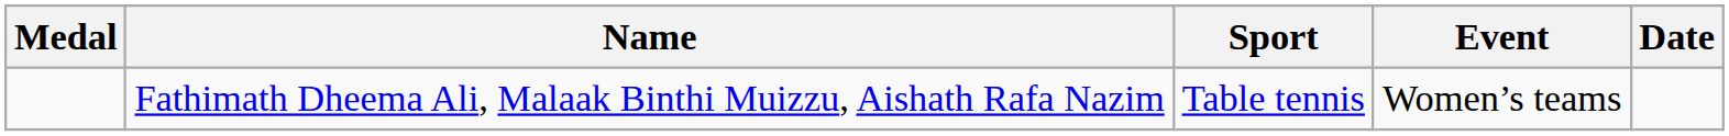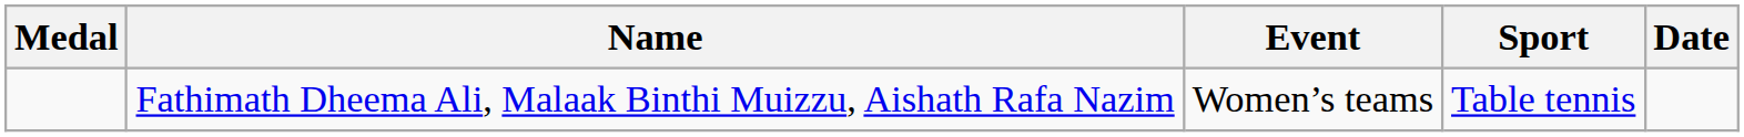 <table class="wikitable sortable" style="font-size: 95%;">
 <tr>
 <th>Medal</th>
 <th>Name</th>
+<th>Event</th>
 <th>Sport</th>
-<th>Event</th>
 <th>Date</th>
 </tr>
 <tr>
 <td></td>
 <td><a href='#'>Fathimath Dheema Ali</a>, <a href='#'>Malaak Binthi Muizzu</a>, <a href='#'>Aishath Rafa Nazim</a></td>
+<td>Women’s teams</td>
 <td><a href='#'>Table tennis</a></td>
-<td>Women’s teams</td>
 <td></td>
 </tr>
 </table>
